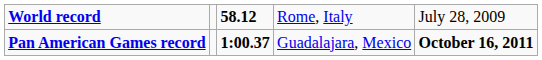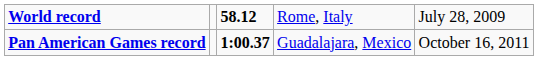 <table class="wikitable">
 <tr>
 <td><strong><a href='#'>World record</a></strong></td>
 <td></td>
 <td><strong>58.12</strong></td>
 <td><a href='#'>Rome</a>, <a href='#'>Italy</a></td>
 <td>July 28, 2009</td>
 </tr>
 <tr>
 <td><strong><a href='#'>Pan American Games record</a></strong></td>
 <td></td>
 <td><strong>1:00.37</strong></td>
 <td><a href='#'>Guadalajara</a>, <a href='#'>Mexico</a></td>
-<td><strong>October 16, 2011</strong></td>
+<td>October 16, 2011</td>
 </tr>
 </table>
